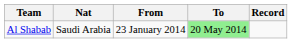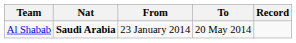 <table class="wikitable" style="text-align:center">
 <tr>
 <th rowspan="1">Team</th>
 <th rowspan="1">Nat</th>
 <th rowspan="1">From</th>
 <th rowspan="1">To</th>
 <th colspan="5">Record</th>
 </tr>
 <tr>
 <td align="left"><a href='#'>Al Shabab</a></td>
-<td>Saudi Arabia</td>
+<td><strong>Saudi Arabia</strong></td>
 <td align="left">23 January 2014</td>
-<td align="left" style="background: lightgreen;">20 May 2014<br></td>
+<td align="left">20 May 2014<br></td>
 </tr>
 </table>
